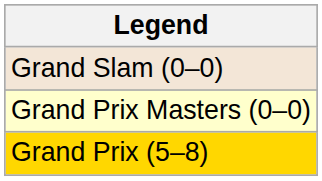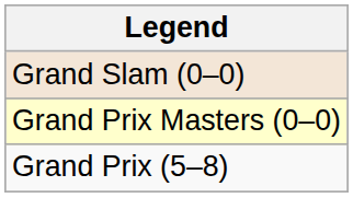 <table class=wikitable>
 <tr>
 <th>Legend</th>
 </tr>
 <tr bgcolor=f3e6d7>
 <td>Grand Slam (0–0)</td>
 </tr>
 <tr bgcolor=ffffcc>
 <td>Grand Prix Masters (0–0)</td>
 </tr>
 <tr>
-<td style="background: gold;">Grand Prix (5–8)</td>
+<td>Grand Prix (5–8)</td>
 </tr>
 </table>
